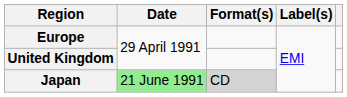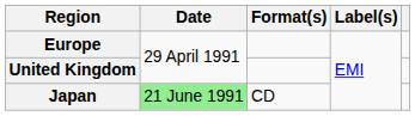 <table class="wikitable plainrowheaders">
 <tr>
 <th scope="col">Region</th>
 <th scope="col">Date</th>
 <th scope="col">Format(s)</th>
 <th scope="col">Label(s)</th>
 <th scope="col"></th>
 </tr>
 <tr>
 <th scope="row">Europe</th>
 <td rowspan="2">29 April 1991</td>
 <td></td>
 <td rowspan="3"><a href='#'>EMI</a></td>
 <td></td>
 </tr>
 <tr>
 <th scope="row">United Kingdom</th>
 <td></td>
 <td></td>
 </tr>
 <tr>
 <th scope="row">Japan</th>
 <td style="background: lightgreen;">21 June 1991</td>
-<td style="background: lightgrey;">CD</td>
+<td>CD</td>
 <td></td>
 </tr>
 </table>
